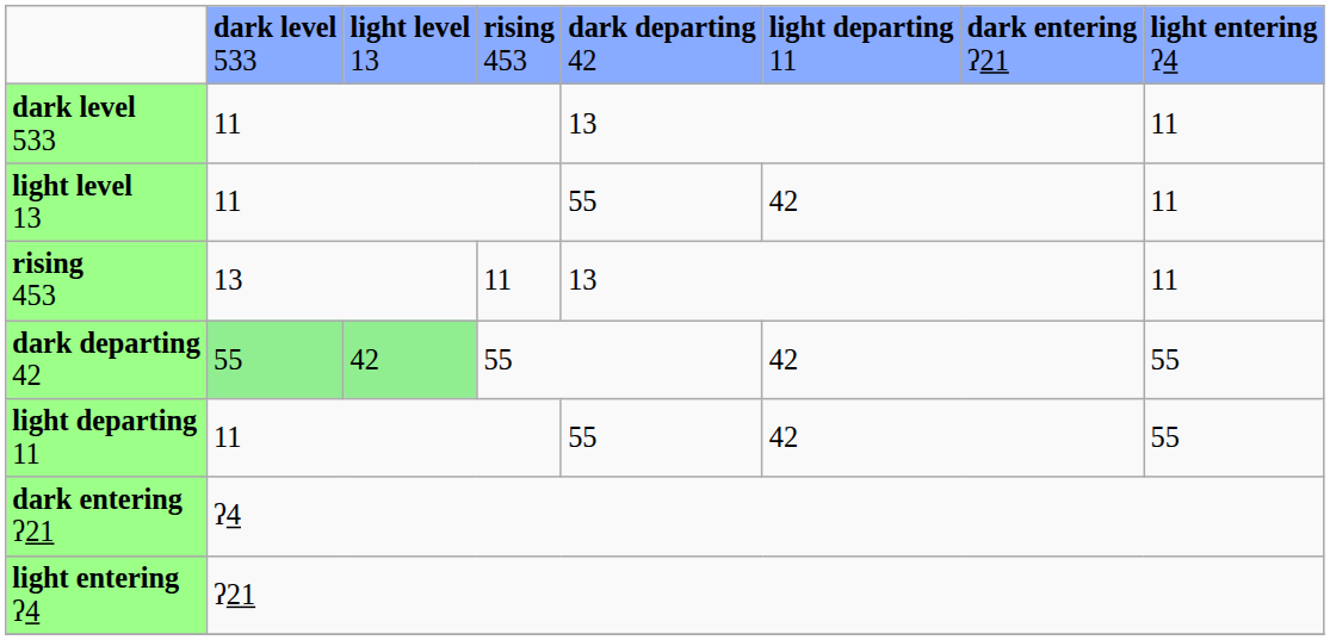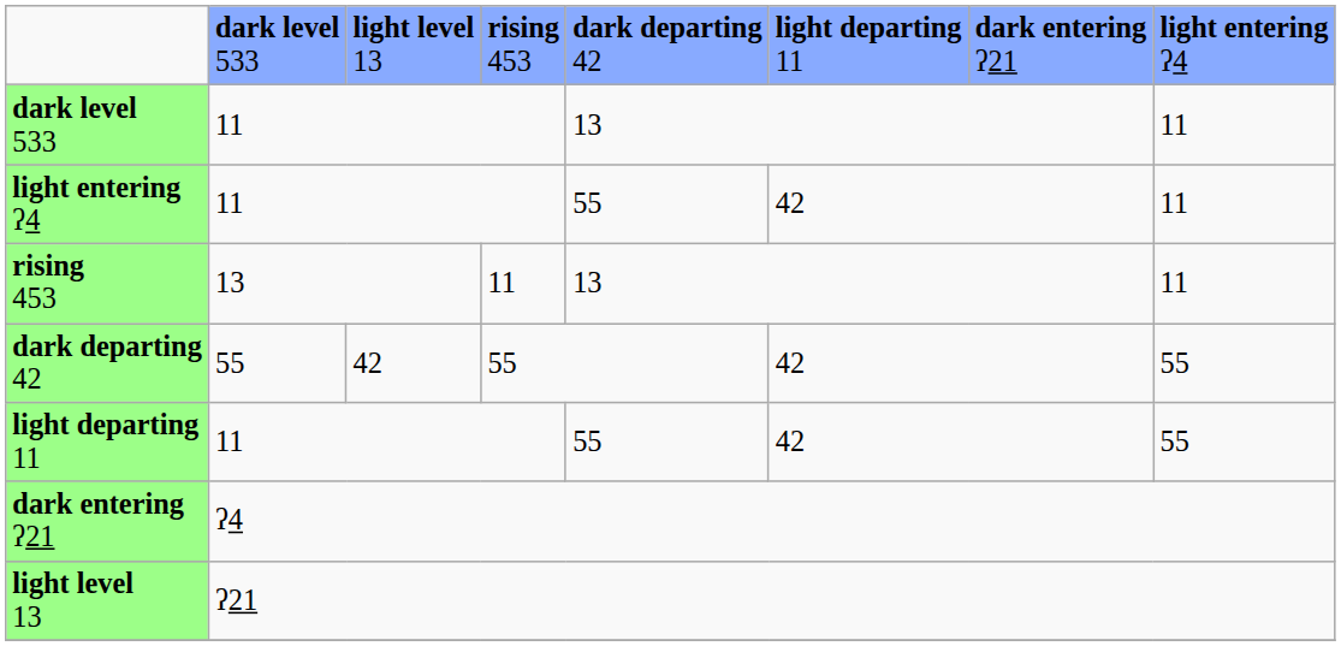 <table class=wikitable>
 <tr>
 <td></td>
 <td bgcolor="#88AAFF"><strong>dark level</strong><br>533</td>
 <td bgcolor="#88AAFF"><strong>light level</strong><br>13</td>
 <td bgcolor="#88AAFF"><strong>rising</strong><br>453</td>
 <td bgcolor="#88AAFF"><strong>dark departing</strong><br>42</td>
 <td bgcolor="#88AAFF"><strong>light departing</strong><br>11</td>
 <td bgcolor="#88AAFF"><strong>dark entering</strong><br>ʔ<u>21</u></td>
 <td bgcolor="#88AAFF"><strong>light entering</strong><br>ʔ<u>4</u></td>
 </tr>
 <tr>
 <td bgcolor="#9CFF88"><strong>dark level</strong><br>533</td>
 <td colspan="3">11</td>
 <td colspan="3">13</td>
 <td>11</td>
 </tr>
 <tr>
-<td bgcolor="#9CFF88"><strong>light level</strong><br>13</td>
+<td bgcolor="#9CFF88"><strong>light entering</strong><br>ʔ<u>4</u></td>
 <td colspan="3">11</td>
 <td>55</td>
 <td colspan="2">42</td>
 <td>11</td>
 </tr>
 <tr>
 <td bgcolor="#9CFF88"><strong>rising</strong><br>453</td>
 <td colspan="2">13</td>
 <td>11</td>
 <td colspan="3">13</td>
 <td>11</td>
 </tr>
 <tr>
 <td bgcolor="#9CFF88"><strong>dark departing</strong><br>42</td>
-<td style="background: lightgreen;">55</td>
-<td style="background: lightgreen;">42</td>
+<td>55</td>
+<td>42</td>
 <td colspan="2">55</td>
 <td colspan="2">42</td>
 <td>55</td>
 </tr>
 <tr>
 <td bgcolor="#9CFF88"><strong>light departing</strong><br>11</td>
 <td colspan="3">11</td>
 <td>55</td>
 <td colspan="2">42</td>
 <td>55</td>
 </tr>
 <tr>
 <td bgcolor="#9CFF88"><strong>dark entering</strong><br>ʔ<u>21</u></td>
 <td colspan="7">ʔ<u>4</u></td>
 </tr>
 <tr>
-<td bgcolor="#9CFF88"><strong>light entering</strong><br>ʔ<u>4</u></td>
+<td bgcolor="#9CFF88"><strong>light level</strong><br>13</td>
 <td colspan="7">ʔ<u>21</u></td>
 </tr>
 <tr>
 </tr>
 </table>
